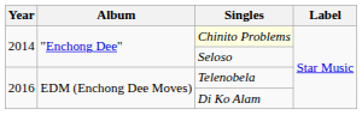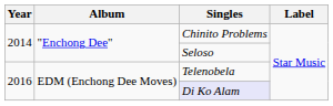 <table class="wikitable sortable">
 <tr>
 <th>Year</th>
 <th>Album</th>
 <th>Singles</th>
 <th>Label</th>
 </tr>
 <tr>
 <td rowspan="2">2014</td>
 <td rowspan="2">"<a href='#'>Enchong Dee</a>"</td>
-<td style="background: lightyellow;"><em>Chinito Problems</em></td>
+<td><em>Chinito Problems</em></td>
 <td rowspan="4"><a href='#'>Star Music</a></td>
 </tr>
 <tr>
 <td><em>Seloso</em></td>
 </tr>
 <tr>
 <td rowspan="2">2016</td>
 <td rowspan="2">EDM (Enchong Dee Moves)</td>
 <td><em>Telenobela</em></td>
 </tr>
 <tr>
-<td><em>Di Ko Alam</em></td>
+<td style="background: lavender;"><em>Di Ko Alam</em></td>
 </tr>
 </table>
